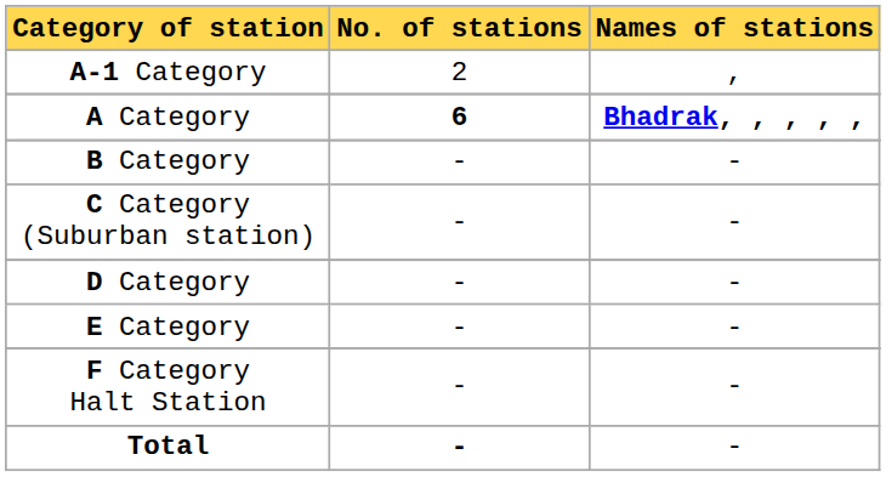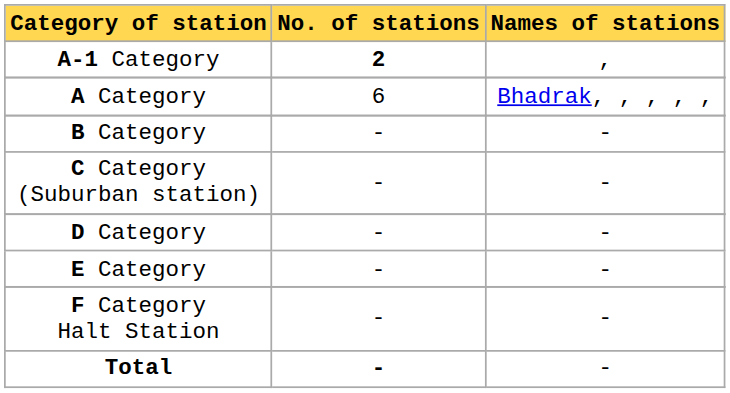 <table class="wikitable sortable" style="background:#fff;">
 <tr>
 <th style="background:#ffd750;" !>Category of station</th>
 <th style="background:#ffd750;" !>No. of stations</th>
 <th style="background:#ffd750;" !>Names of stations</th>
 </tr>
 <tr>
 <td style="text-align:center;"><strong>A-1</strong> Category</td>
-<td style="text-align:center;">2</td>
+<td style="text-align:center;"><strong>2</strong></td>
 <td style="text-align:center;">, </td>
 </tr>
 <tr>
 </tr>
 <tr>
 <td style="text-align:center;"><strong>A</strong> Category</td>
-<td style="text-align:center;"><strong>6</strong></td>
-<td style="text-align:center;"><strong><a href='#'>Bhadrak</a>, , , , , </strong></td>
+<td style="text-align:center;">6</td>
+<td style="text-align:center;"><a href='#'>Bhadrak</a>, , , , , </td>
 </tr>
 <tr>
 </tr>
 <tr>
 <td style="text-align:center;"><strong>B</strong> Category</td>
 <td style="text-align:center;">-</td>
 <td style="text-align:center;">-</td>
 </tr>
 <tr>
 <td style="text-align:center;"><strong>C</strong> Category<br>(Suburban station)</td>
 <td style="text-align:center;">-</td>
 <td style="text-align:center;">-</td>
 </tr>
 <tr>
 </tr>
 <tr>
 <td style="text-align:center;"><strong>D</strong> Category</td>
 <td style="text-align:center;">-</td>
 <td style="text-align:center;">-</td>
 </tr>
 <tr>
 <td style="text-align:center;"><strong>E</strong> Category</td>
 <td style="text-align:center;">-</td>
 <td style="text-align:center;">-</td>
 </tr>
 <tr>
 </tr>
 <tr>
 <td style="text-align:center;"><strong>F</strong> Category<br>Halt Station</td>
 <td style="text-align:center;">-</td>
 <td style="text-align:center;">-</td>
 </tr>
 <tr>
 <td style="text-align:center;"><strong>Total</strong></td>
 <td style="text-align:center;"><strong>-</strong></td>
 <td style="text-align:center;">-</td>
 </tr>
 </table>
